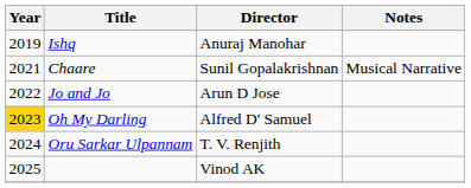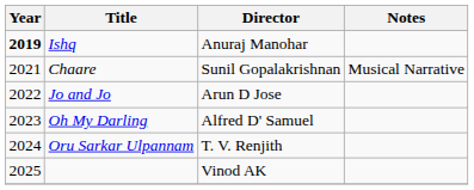 <table class="wikitable sortable">
 <tr>
 <th>Year</th>
 <th>Title</th>
 <th>Director</th>
 <th class="unsortable">Notes</th>
 </tr>
 <tr>
-<td>2019</td>
+<td><strong>2019</strong></td>
 <td><em><a href='#'>Ishq</a></em></td>
 <td>Anuraj Manohar</td>
 <td></td>
 </tr>
 <tr>
 <td>2021</td>
 <td><em>Chaare</em></td>
 <td>Sunil Gopalakrishnan</td>
 <td>Musical Narrative</td>
 </tr>
 <tr>
 <td>2022</td>
 <td><em><a href='#'>Jo and Jo</a></em></td>
 <td>Arun D Jose</td>
 <td></td>
 </tr>
 <tr>
-<td style="background: gold;">2023</td>
+<td>2023</td>
 <td><em><a href='#'>Oh My Darling</a></em></td>
 <td>Alfred D' Samuel</td>
 <td></td>
 </tr>
 <tr>
 <td>2024</td>
 <td><em><a href='#'>Oru Sarkar Ulpannam</a></em></td>
 <td>T. V. Renjith</td>
 <td></td>
 </tr>
 <tr>
 <td>2025</td>
 <td></td>
 <td>Vinod AK</td>
 <td></td>
 </tr>
 <tr>
 </tr>
 </table>
